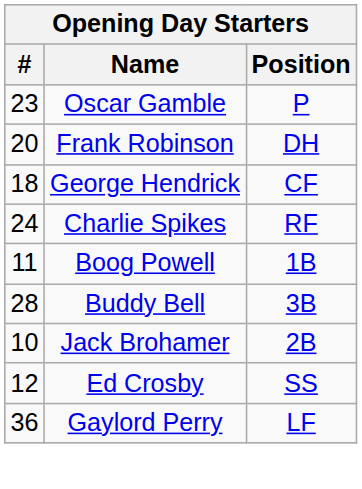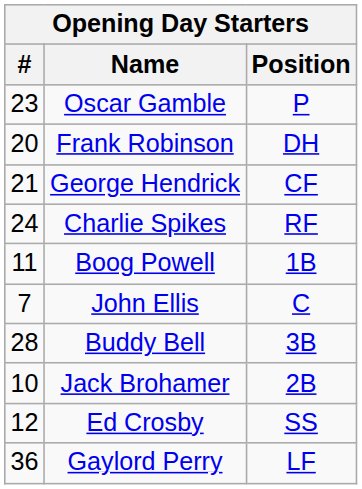 <table class="wikitable" style="text-align:center">
 <tr>
 <th colspan="3">Opening Day Starters</th>
 </tr>
 <tr>
 <th>#</th>
 <th>Name</th>
 <th>Position</th>
 </tr>
 <tr>
 <td>23</td>
 <td><a href='#'>Oscar Gamble</a></td>
 <td><a href='#'>P</a></td>
 </tr>
 <tr>
 <td>20</td>
 <td><a href='#'>Frank Robinson</a></td>
 <td><a href='#'>DH</a></td>
 </tr>
 <tr>
-<td>18</td>
+<td>21</td>
 <td><a href='#'>George Hendrick</a></td>
 <td><a href='#'>CF</a></td>
 </tr>
 <tr>
 <td>24</td>
 <td><a href='#'>Charlie Spikes</a></td>
 <td><a href='#'>RF</a></td>
 </tr>
 <tr>
 <td>11</td>
 <td><a href='#'>Boog Powell</a></td>
 <td><a href='#'>1B</a></td>
+</tr>
+<tr>
+<td>7</td>
+<td><a href='#'>John Ellis</a></td>
+<td><a href='#'>C</a></td>
 </tr>
 <tr>
 <td>28</td>
 <td><a href='#'>Buddy Bell</a></td>
 <td><a href='#'>3B</a></td>
 </tr>
 <tr>
 <td>10</td>
 <td><a href='#'>Jack Brohamer</a></td>
 <td><a href='#'>2B</a></td>
 </tr>
 <tr>
 <td>12</td>
 <td><a href='#'>Ed Crosby</a></td>
 <td><a href='#'>SS</a></td>
 </tr>
 <tr>
 <td>36</td>
 <td><a href='#'>Gaylord Perry</a></td>
 <td><a href='#'>LF</a></td>
 </tr>
 </table>
